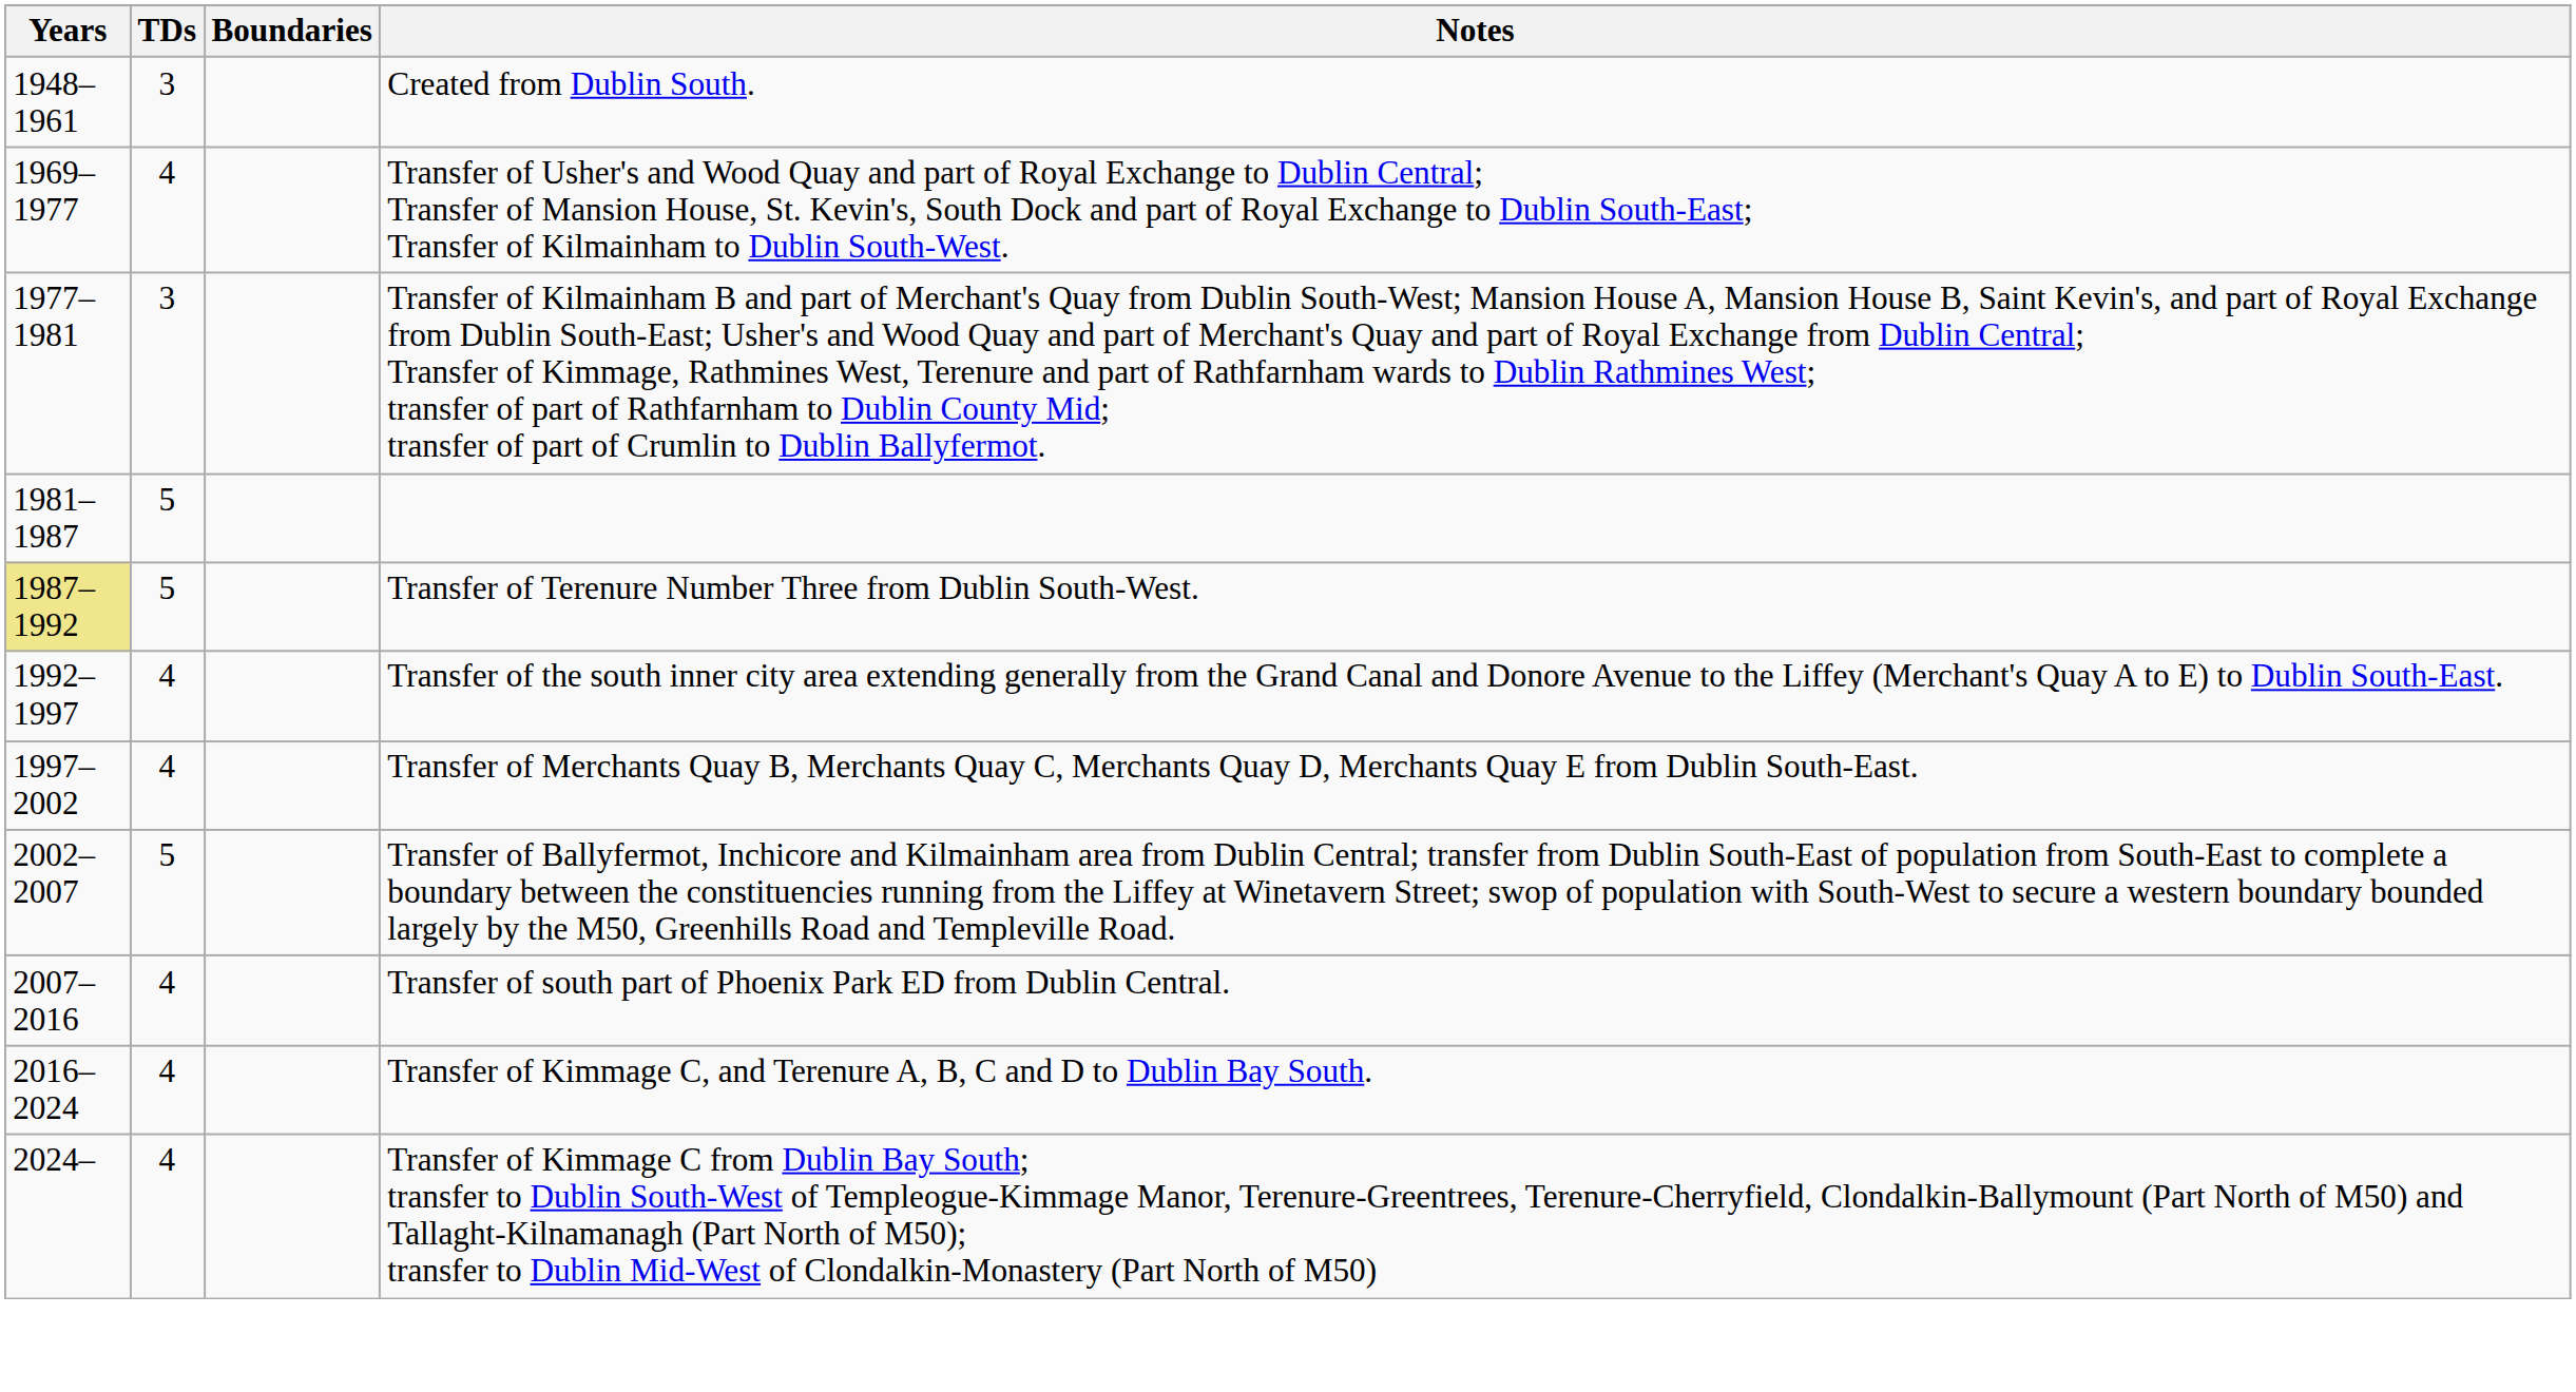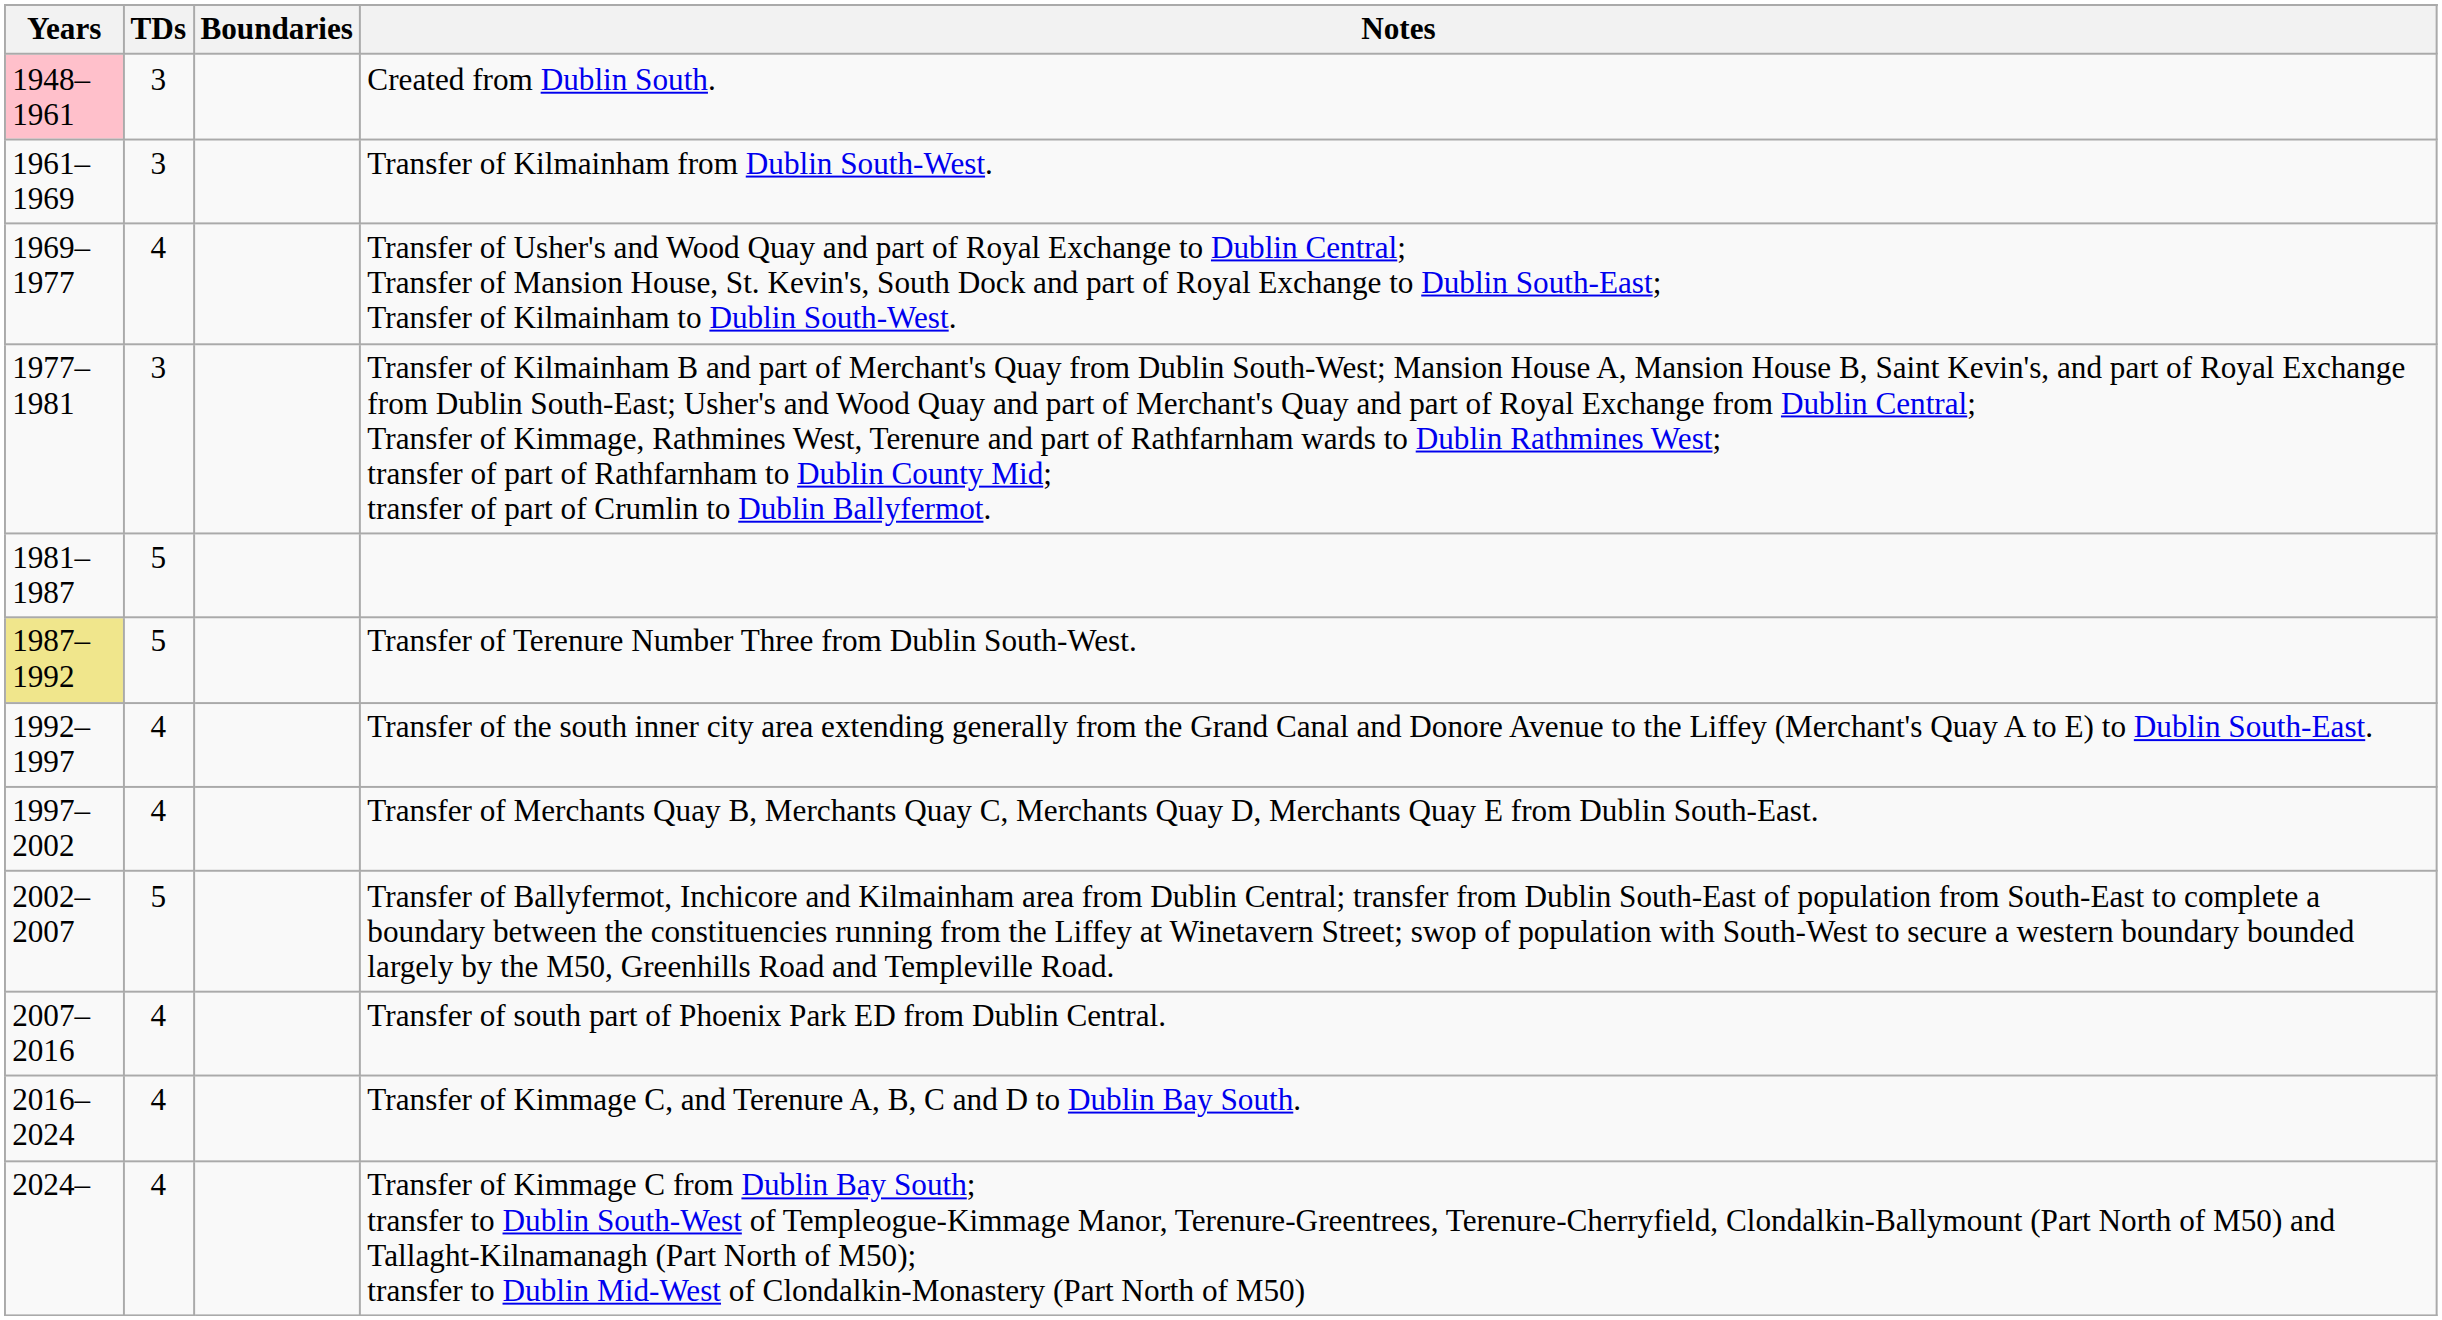 <table class="wikitable">
 <tr>
 </tr>
 <tr>
 <th>Years</th>
 <th>TDs</th>
 <th>Boundaries</th>
 <th>Notes</th>
 </tr>
 <tr style="vertical-align:top">
-<td>1948–1961</td>
+<td style="background: pink;">1948–1961</td>
 <td style="text-align:center">3</td>
 <td></td>
 <td>Created from <a href='#'>Dublin South</a>.</td>
+</tr>
+<tr style="vertical-align:top">
+<td>1961–1969</td>
+<td style="text-align:center">3</td>
+<td></td>
+<td>Transfer of Kilmainham from <a href='#'>Dublin South-West</a>.</td>
 </tr>
 <tr style="vertical-align:top">
 <td>1969–1977</td>
 <td style="text-align:center">4</td>
 <td></td>
 <td>Transfer of Usher's and Wood Quay and part of Royal Exchange to <a href='#'>Dublin Central</a>;<br>Transfer of Mansion House, St. Kevin's, South Dock and part of Royal Exchange to <a href='#'>Dublin South-East</a>;<br>Transfer of Kilmainham to <a href='#'>Dublin South-West</a>. </td>
 </tr>
 <tr style="vertical-align:top">
 <td>1977–1981</td>
 <td style="text-align:center">3</td>
 <td style="text-align:center"></td>
 <td>Transfer of Kilmainham B and part of Merchant's Quay from Dublin South-West; Mansion House A, Mansion House B, Saint Kevin's, and part of Royal Exchange from Dublin South-East; Usher's and Wood Quay and part of Merchant's Quay and part of Royal Exchange from <a href='#'>Dublin Central</a>;<br>Transfer of Kimmage, Rathmines West, Terenure and part of Rathfarnham wards to <a href='#'>Dublin Rathmines West</a>;<br>transfer of part of Rathfarnham to <a href='#'>Dublin County Mid</a>;<br>transfer of part of Crumlin to <a href='#'>Dublin Ballyfermot</a>.</td>
 </tr>
 <tr style="vertical-align:top">
 <td>1981–1987</td>
 <td style="text-align:center">5</td>
 <td><br></td>
 <td></td>
 </tr>
 <tr style="vertical-align:top">
 <td style="background: khaki;">1987–1992</td>
 <td style="text-align:center">5</td>
 <td><br></td>
 <td>Transfer of Terenure Number Three from Dublin South-West.</td>
 </tr>
 <tr style="vertical-align:top">
 <td>1992–1997</td>
 <td style="text-align:center">4</td>
 <td><br></td>
 <td>Transfer of the south inner city area extending generally from the Grand Canal and Donore Avenue to the Liffey (Merchant's Quay A to E) to <a href='#'>Dublin South-East</a>.</td>
 </tr>
 <tr style="vertical-align:top">
 <td>1997–2002</td>
 <td style="text-align:center">4</td>
 <td><br></td>
 <td>Transfer of Merchants Quay B, Merchants Quay C, Merchants Quay D, Merchants Quay E from Dublin South-East.</td>
 </tr>
 <tr style="vertical-align:top">
 <td>2002–2007</td>
 <td style="text-align:center">5</td>
 <td><br></td>
 <td>Transfer of Ballyfermot, Inchicore and Kilmainham area from Dublin Central; transfer from Dublin South-East of population from South-East to complete a boundary between the constituencies running from the Liffey at Winetavern Street; swop of population with South-West to secure a western boundary bounded largely by the M50, Greenhills Road and Templeville Road.</td>
 </tr>
 <tr style="vertical-align:top">
 <td>2007–2016</td>
 <td style="text-align:center">4</td>
 <td><br></td>
 <td>Transfer of south part of Phoenix Park ED from Dublin Central.</td>
 </tr>
 <tr style="vertical-align:top">
 <td>2016–2024</td>
 <td style="text-align:center">4</td>
 <td><br></td>
 <td>Transfer of Kimmage C, and Terenure A, B, C and D to <a href='#'>Dublin Bay South</a>.</td>
 </tr>
 <tr style="vertical-align:top">
 <td>2024–</td>
 <td style="text-align:center">4</td>
 <td></td>
 <td>Transfer of Kimmage C from <a href='#'>Dublin Bay South</a>;<br>transfer to <a href='#'>Dublin South-West</a> of Templeogue-Kimmage Manor, Terenure-Greentrees, Terenure-Cherryfield, Clondalkin-Ballymount (Part North of M50) and Tallaght-Kilnamanagh (Part North of M50);<br>transfer to <a href='#'>Dublin Mid-West</a> of Clondalkin-Monastery (Part North of M50)</td>
 </tr>
 </table>
